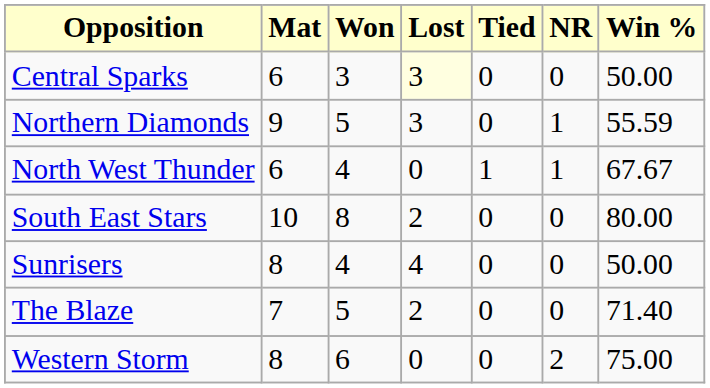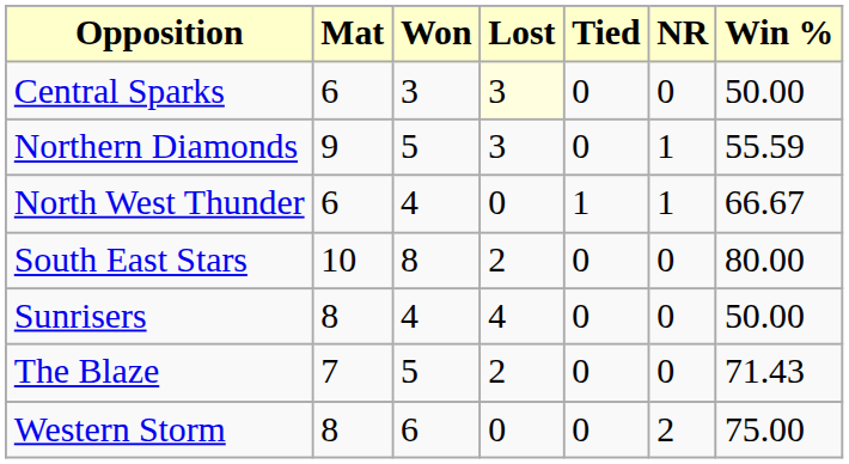 <table class="wikitable sortable">
 <tr>
 <th style="background:#ffc;">Opposition</th>
 <th style="background:#ffc;">Mat</th>
 <th style="background:#ffc;">Won</th>
 <th style="background:#ffc;">Lost</th>
 <th style="background:#ffc;">Tied</th>
 <th style="background:#ffc;">NR</th>
 <th style="background:#ffc;">Win %</th>
 </tr>
 <tr>
 <td><a href='#'>Central Sparks</a></td>
 <td>6</td>
 <td>3</td>
 <td style="background: lightyellow;">3</td>
 <td>0</td>
 <td>0</td>
 <td>50.00</td>
 </tr>
 <tr>
 <td><a href='#'>Northern Diamonds</a></td>
 <td>9</td>
 <td>5</td>
 <td>3</td>
 <td>0</td>
 <td>1</td>
 <td>55.59</td>
 </tr>
 <tr>
 <td><a href='#'>North West Thunder</a></td>
 <td>6</td>
 <td>4</td>
 <td>0</td>
 <td>1</td>
 <td>1</td>
-<td>67.67</td>
+<td>66.67</td>
 </tr>
 <tr>
 <td><a href='#'>South East Stars</a></td>
 <td>10</td>
 <td>8</td>
 <td>2</td>
 <td>0</td>
 <td>0</td>
 <td>80.00</td>
 </tr>
 <tr>
 <td><a href='#'>Sunrisers</a></td>
 <td>8</td>
 <td>4</td>
 <td>4</td>
 <td>0</td>
 <td>0</td>
 <td>50.00</td>
 </tr>
 <tr>
 <td><a href='#'>The Blaze</a></td>
 <td>7</td>
 <td>5</td>
 <td>2</td>
 <td>0</td>
 <td>0</td>
-<td>71.40</td>
+<td>71.43</td>
 </tr>
 <tr>
 <td><a href='#'>Western Storm</a></td>
 <td>8</td>
 <td>6</td>
 <td>0</td>
 <td>0</td>
 <td>2</td>
 <td>75.00</td>
 </tr>
 </table>
